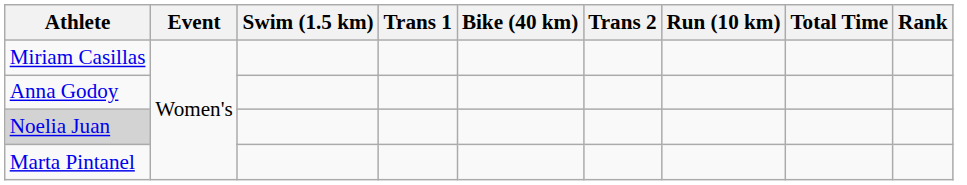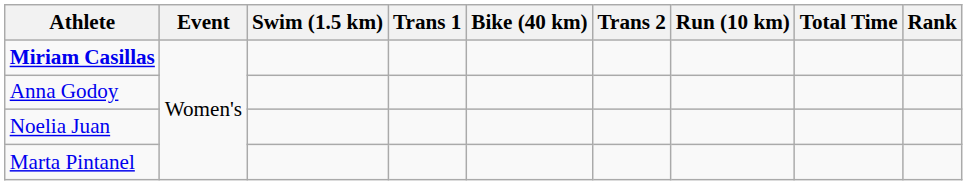 <table class="wikitable" style="font-size:90%">
 <tr>
 <th>Athlete</th>
 <th>Event</th>
 <th>Swim (1.5 km)</th>
 <th>Trans 1</th>
 <th>Bike (40 km)</th>
 <th>Trans 2</th>
 <th>Run (10 km)</th>
 <th>Total Time</th>
 <th>Rank</th>
 </tr>
 <tr align=center>
-<td align=left><a href='#'>Miriam Casillas</a></td>
+<td align=left><strong><a href='#'>Miriam Casillas</a></strong></td>
 <td align=left rowspan=4>Women's</td>
 <td></td>
 <td></td>
 <td></td>
 <td></td>
 <td></td>
 <td></td>
 <td></td>
 </tr>
 <tr align=center>
 <td align=left><a href='#'>Anna Godoy</a></td>
 <td></td>
 <td></td>
 <td></td>
 <td></td>
 <td></td>
 <td></td>
 <td></td>
 </tr>
 <tr align=center>
-<td align=left style="background: lightgrey;"><a href='#'>Noelia Juan</a></td>
+<td align=left><a href='#'>Noelia Juan</a></td>
 <td></td>
 <td></td>
 <td></td>
 <td></td>
 <td></td>
 <td></td>
 <td></td>
 </tr>
 <tr align=center>
 <td align=left><a href='#'>Marta Pintanel</a></td>
 <td></td>
 <td></td>
 <td></td>
 <td></td>
 <td></td>
 <td></td>
 <td></td>
 </tr>
 </table>
